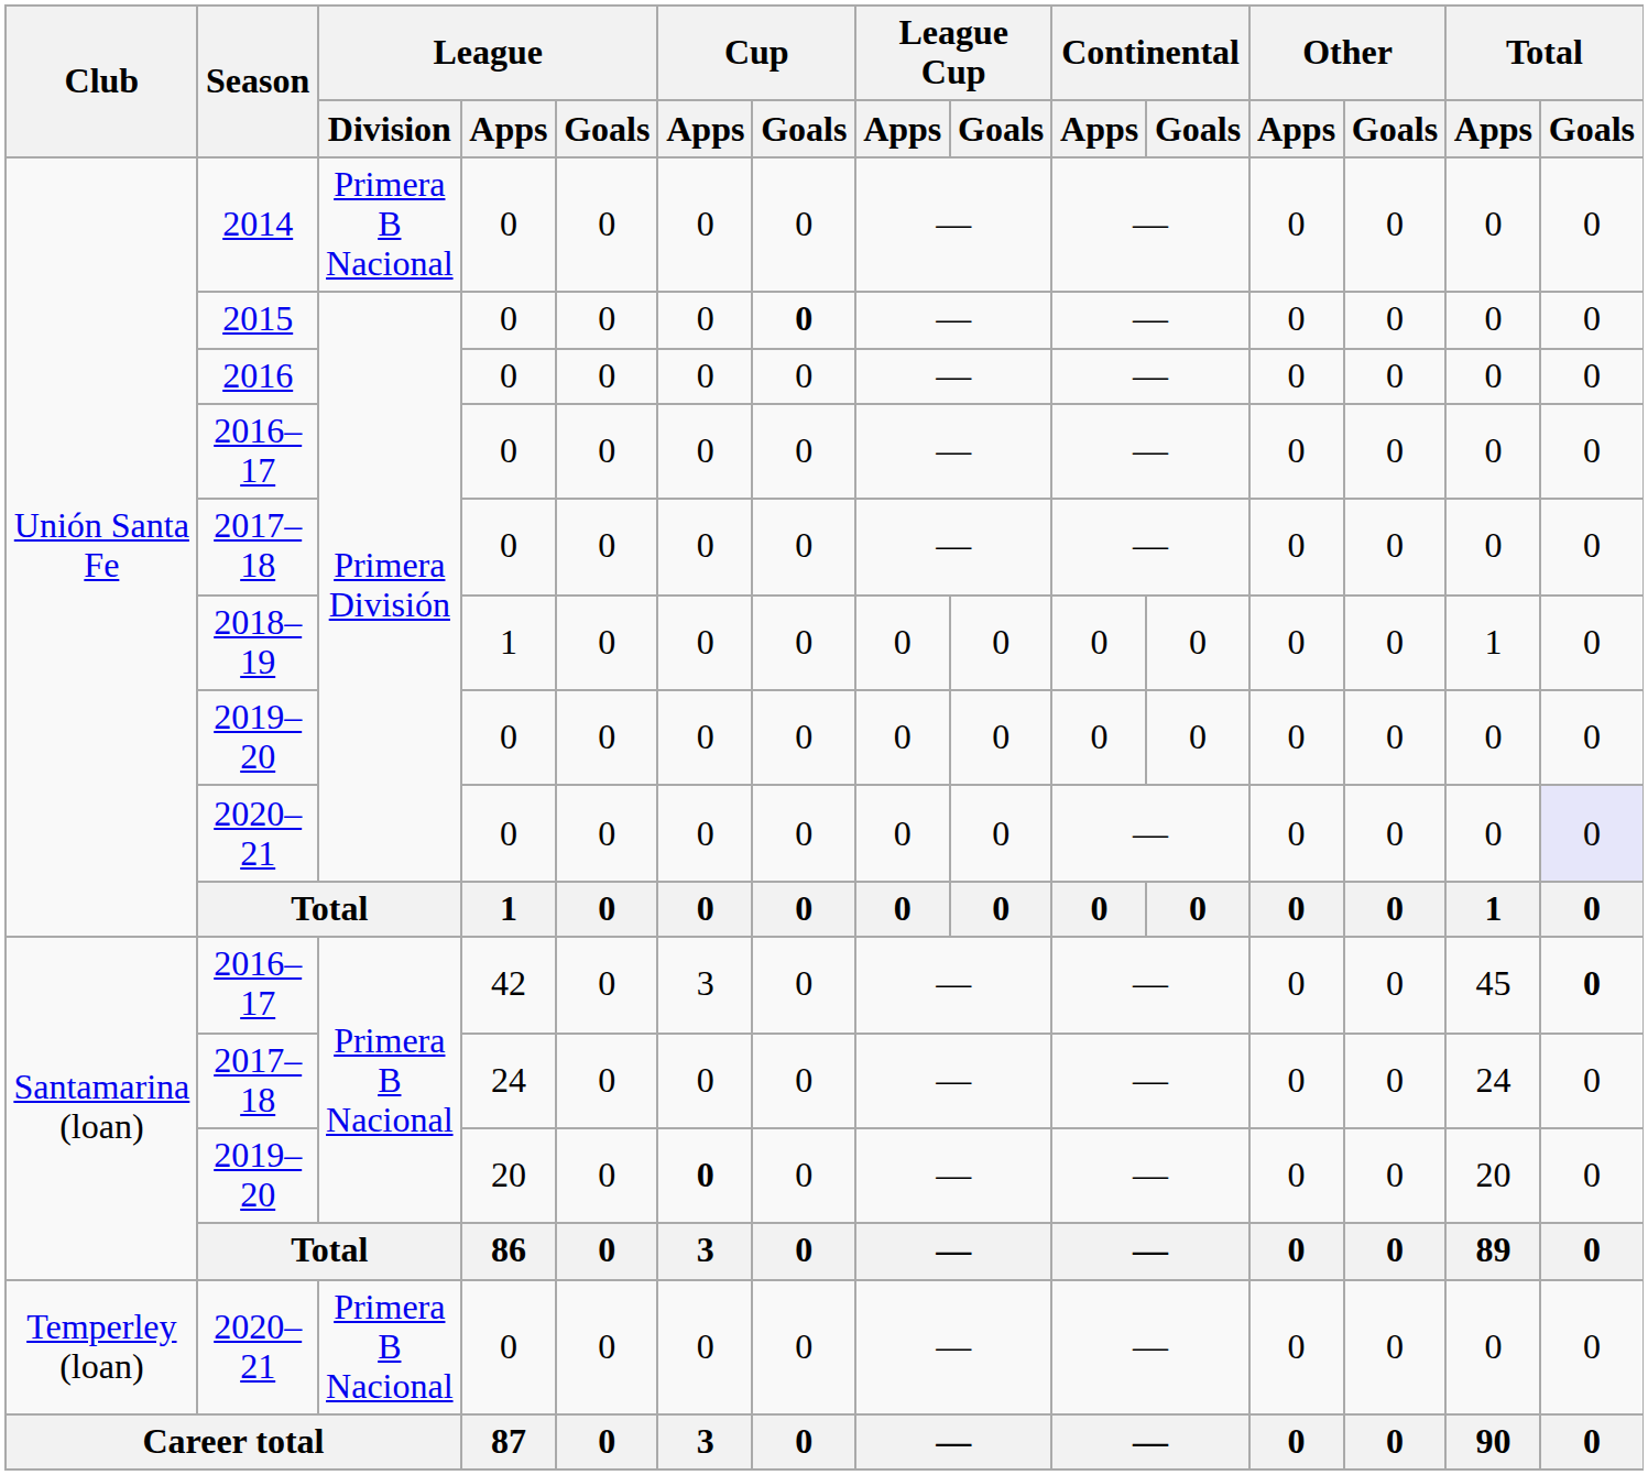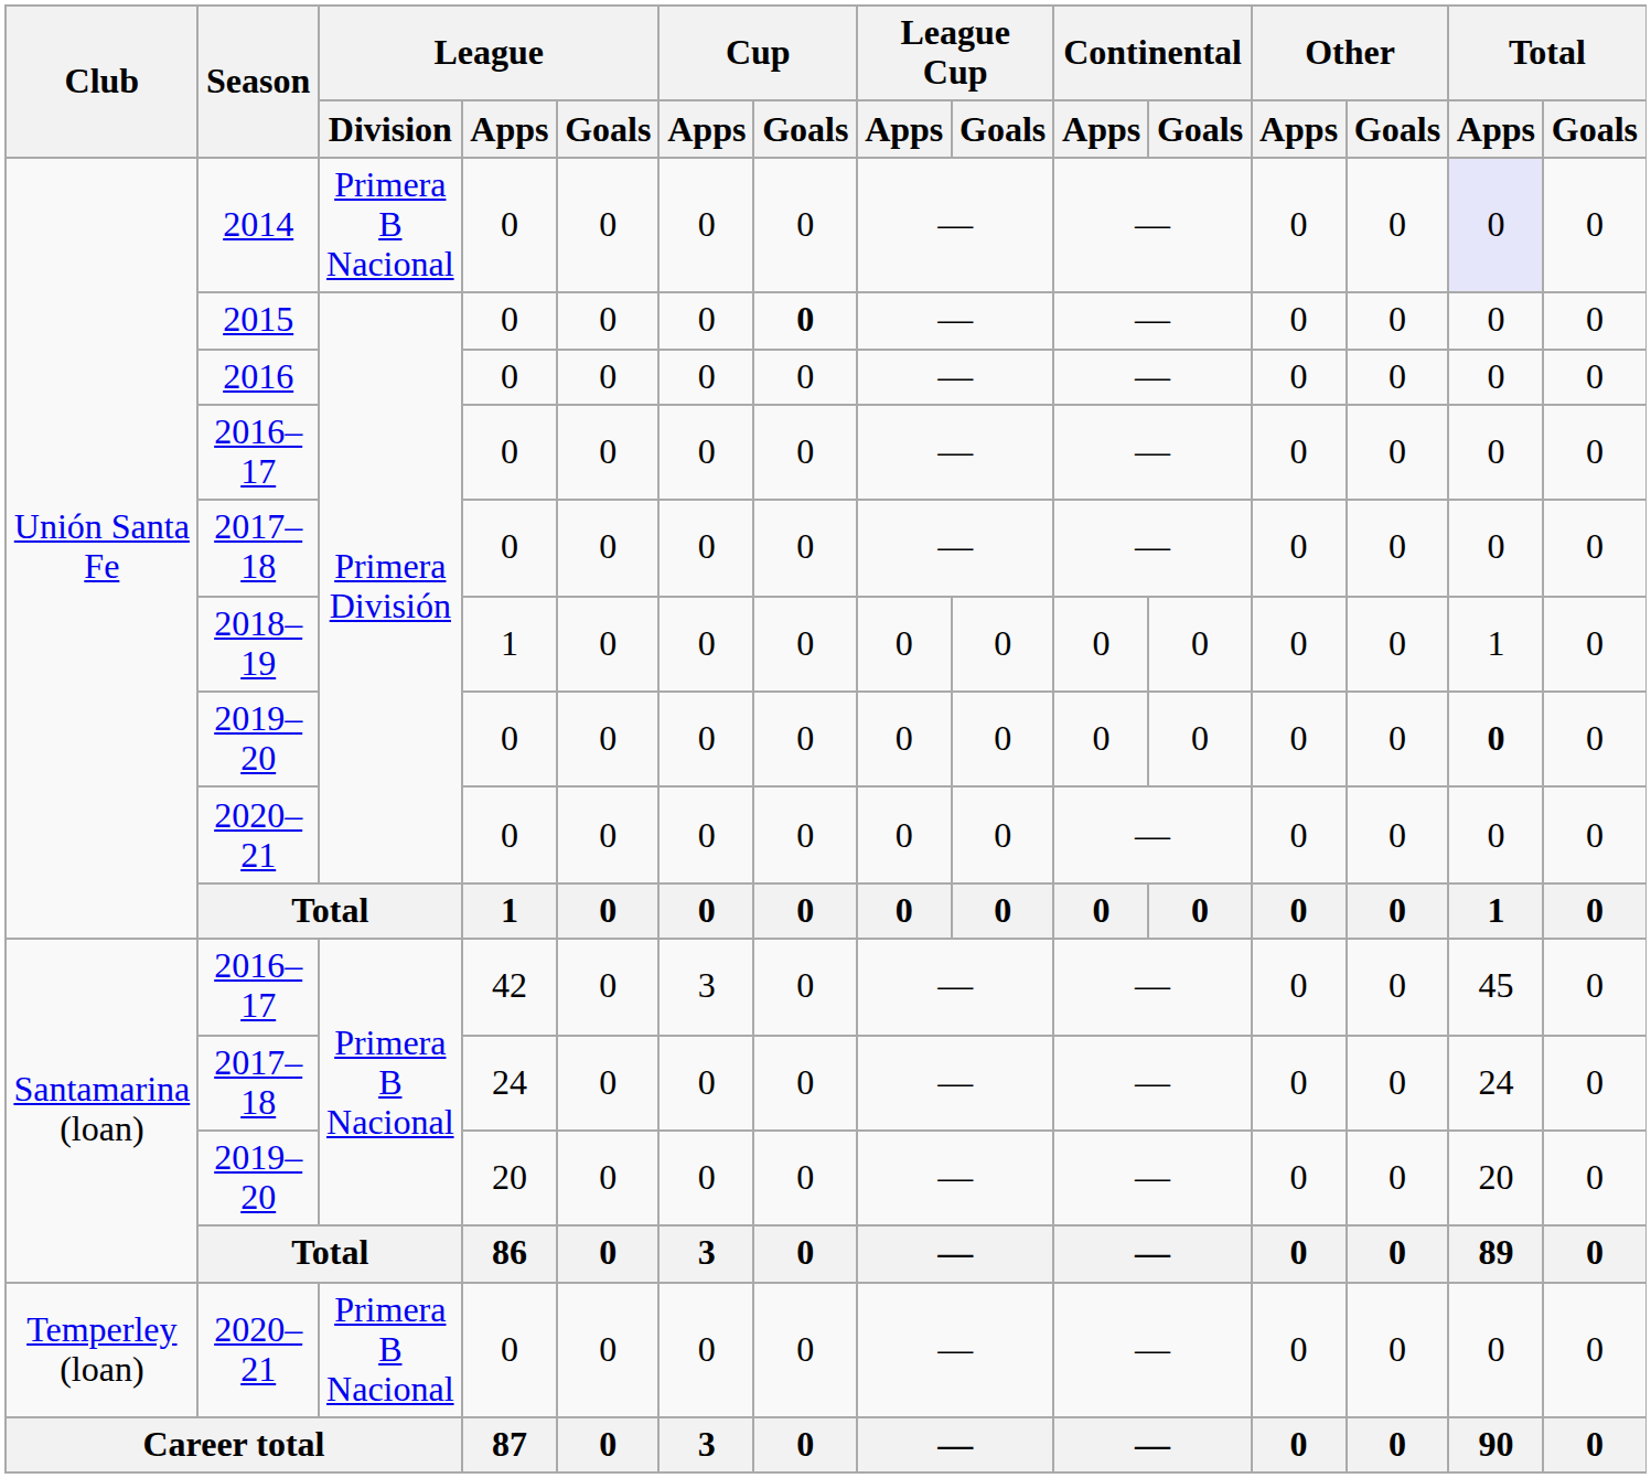 <table class="wikitable" style="text-align:center">
 <tr>
 <th rowspan="2">Club</th>
 <th rowspan="2">Season</th>
 <th colspan="3">League</th>
 <th colspan="2">Cup</th>
 <th colspan="2">League Cup</th>
 <th colspan="2">Continental</th>
 <th colspan="2">Other</th>
 <th colspan="2">Total</th>
 </tr>
 <tr>
 <th>Division</th>
 <th>Apps</th>
 <th>Goals</th>
 <th>Apps</th>
 <th>Goals</th>
 <th>Apps</th>
 <th>Goals</th>
 <th>Apps</th>
 <th>Goals</th>
 <th>Apps</th>
 <th>Goals</th>
 <th>Apps</th>
 <th>Goals</th>
 </tr>
 <tr>
 <td rowspan="9"><a href='#'>Unión Santa Fe</a></td>
 <td><a href='#'>2014</a></td>
 <td rowspan="1"><a href='#'>Primera B Nacional</a></td>
 <td>0</td>
 <td>0</td>
 <td>0</td>
 <td>0</td>
 <td colspan="2">—</td>
 <td colspan="2">—</td>
 <td>0</td>
 <td>0</td>
-<td>0</td>
+<td style="background: lavender;">0</td>
 <td>0</td>
 </tr>
 <tr>
 <td><a href='#'>2015</a></td>
 <td rowspan="7"><a href='#'>Primera División</a></td>
 <td>0</td>
 <td>0</td>
 <td>0</td>
 <td><strong>0</strong></td>
 <td colspan="2">—</td>
 <td colspan="2">—</td>
 <td>0</td>
 <td>0</td>
 <td>0</td>
 <td>0</td>
 </tr>
 <tr>
 <td><a href='#'>2016</a></td>
 <td>0</td>
 <td>0</td>
 <td>0</td>
 <td>0</td>
 <td colspan="2">—</td>
 <td colspan="2">—</td>
 <td>0</td>
 <td>0</td>
 <td>0</td>
 <td>0</td>
 </tr>
 <tr>
 <td><a href='#'>2016–17</a></td>
 <td>0</td>
 <td>0</td>
 <td>0</td>
 <td>0</td>
 <td colspan="2">—</td>
 <td colspan="2">—</td>
 <td>0</td>
 <td>0</td>
 <td>0</td>
 <td>0</td>
 </tr>
 <tr>
 <td><a href='#'>2017–18</a></td>
 <td>0</td>
 <td>0</td>
 <td>0</td>
 <td>0</td>
 <td colspan="2">—</td>
 <td colspan="2">—</td>
 <td>0</td>
 <td>0</td>
 <td>0</td>
 <td>0</td>
 </tr>
 <tr>
 <td><a href='#'>2018–19</a></td>
 <td>1</td>
 <td>0</td>
 <td>0</td>
 <td>0</td>
 <td>0</td>
 <td>0</td>
 <td>0</td>
 <td>0</td>
 <td>0</td>
 <td>0</td>
 <td>1</td>
 <td>0</td>
 </tr>
 <tr>
 <td><a href='#'>2019–20</a></td>
 <td>0</td>
 <td>0</td>
 <td>0</td>
 <td>0</td>
 <td>0</td>
 <td>0</td>
 <td>0</td>
 <td>0</td>
 <td>0</td>
 <td>0</td>
-<td>0</td>
+<td><strong>0</strong></td>
 <td>0</td>
 </tr>
 <tr>
 <td><a href='#'>2020–21</a></td>
 <td>0</td>
 <td>0</td>
 <td>0</td>
 <td>0</td>
 <td>0</td>
 <td>0</td>
 <td colspan="2">—</td>
 <td>0</td>
 <td>0</td>
 <td>0</td>
-<td style="background: lavender;">0</td>
+<td>0</td>
 </tr>
 <tr>
 <th colspan="2">Total</th>
 <th>1</th>
 <th>0</th>
 <th>0</th>
 <th>0</th>
 <th>0</th>
 <th>0</th>
 <th>0</th>
 <th>0</th>
 <th>0</th>
 <th>0</th>
 <th>1</th>
 <th>0</th>
 </tr>
 <tr>
 <td rowspan="4"><a href='#'>Santamarina</a> (loan)</td>
 <td><a href='#'>2016–17</a></td>
 <td rowspan="3"><a href='#'>Primera B Nacional</a></td>
 <td>42</td>
 <td>0</td>
 <td>3</td>
 <td>0</td>
 <td colspan="2">—</td>
 <td colspan="2">—</td>
 <td>0</td>
 <td>0</td>
 <td>45</td>
-<td><strong>0</strong></td>
+<td>0</td>
 </tr>
 <tr>
 <td><a href='#'>2017–18</a></td>
 <td>24</td>
 <td>0</td>
 <td>0</td>
 <td>0</td>
 <td colspan="2">—</td>
 <td colspan="2">—</td>
 <td>0</td>
 <td>0</td>
 <td>24</td>
 <td>0</td>
 </tr>
 <tr>
 <td><a href='#'>2019–20</a></td>
 <td>20</td>
 <td>0</td>
-<td><strong>0</strong></td>
+<td>0</td>
 <td>0</td>
 <td colspan="2">—</td>
 <td colspan="2">—</td>
 <td>0</td>
 <td>0</td>
 <td>20</td>
 <td>0</td>
 </tr>
 <tr>
 <th colspan="2">Total</th>
 <th>86</th>
 <th>0</th>
 <th>3</th>
 <th>0</th>
 <th colspan="2">—</th>
 <th colspan="2">—</th>
 <th>0</th>
 <th>0</th>
 <th>89</th>
 <th>0</th>
 </tr>
 <tr>
 <td rowspan="1"><a href='#'>Temperley</a> (loan)</td>
 <td><a href='#'>2020–21</a></td>
 <td rowspan="1"><a href='#'>Primera B Nacional</a></td>
 <td>0</td>
 <td>0</td>
 <td>0</td>
 <td>0</td>
 <td colspan="2">—</td>
 <td colspan="2">—</td>
 <td>0</td>
 <td>0</td>
 <td>0</td>
 <td>0</td>
 </tr>
 <tr>
 <th colspan="3">Career total</th>
 <th>87</th>
 <th>0</th>
 <th>3</th>
 <th>0</th>
 <th colspan="2">—</th>
 <th colspan="2">—</th>
 <th>0</th>
 <th>0</th>
 <th>90</th>
 <th>0</th>
 </tr>
 </table>
